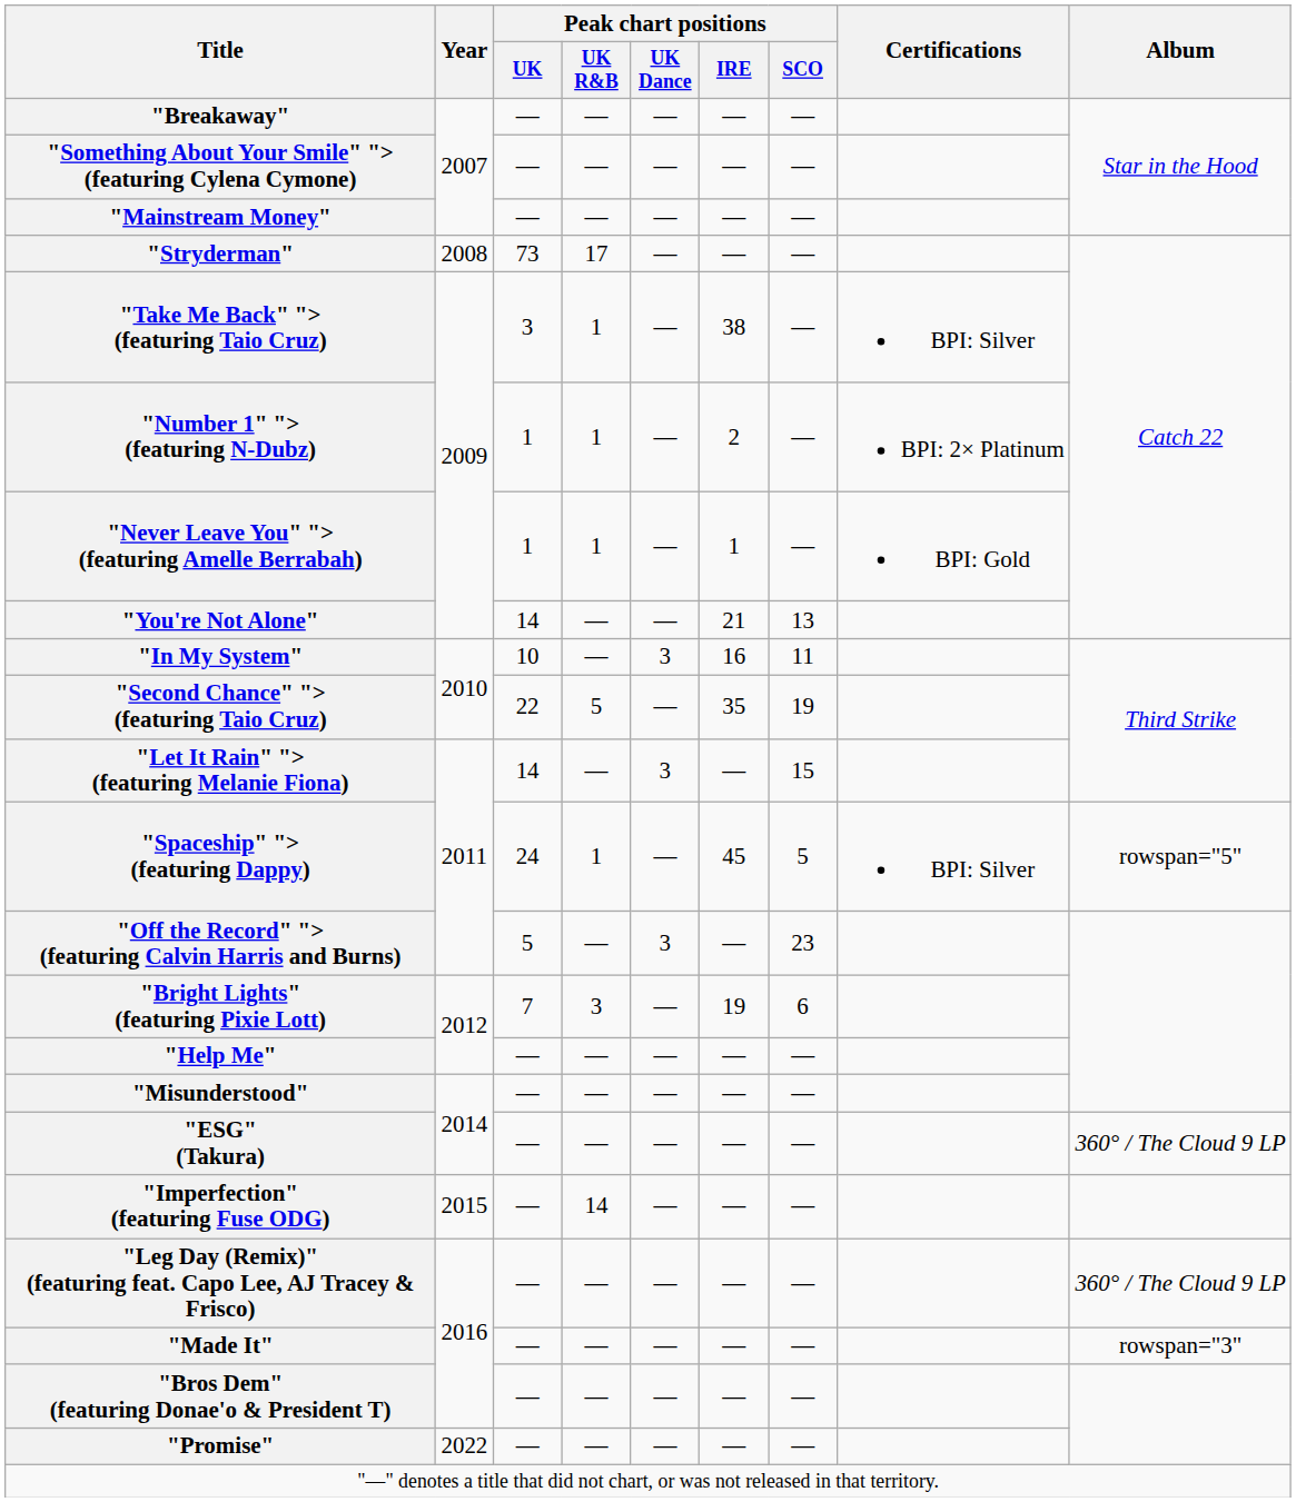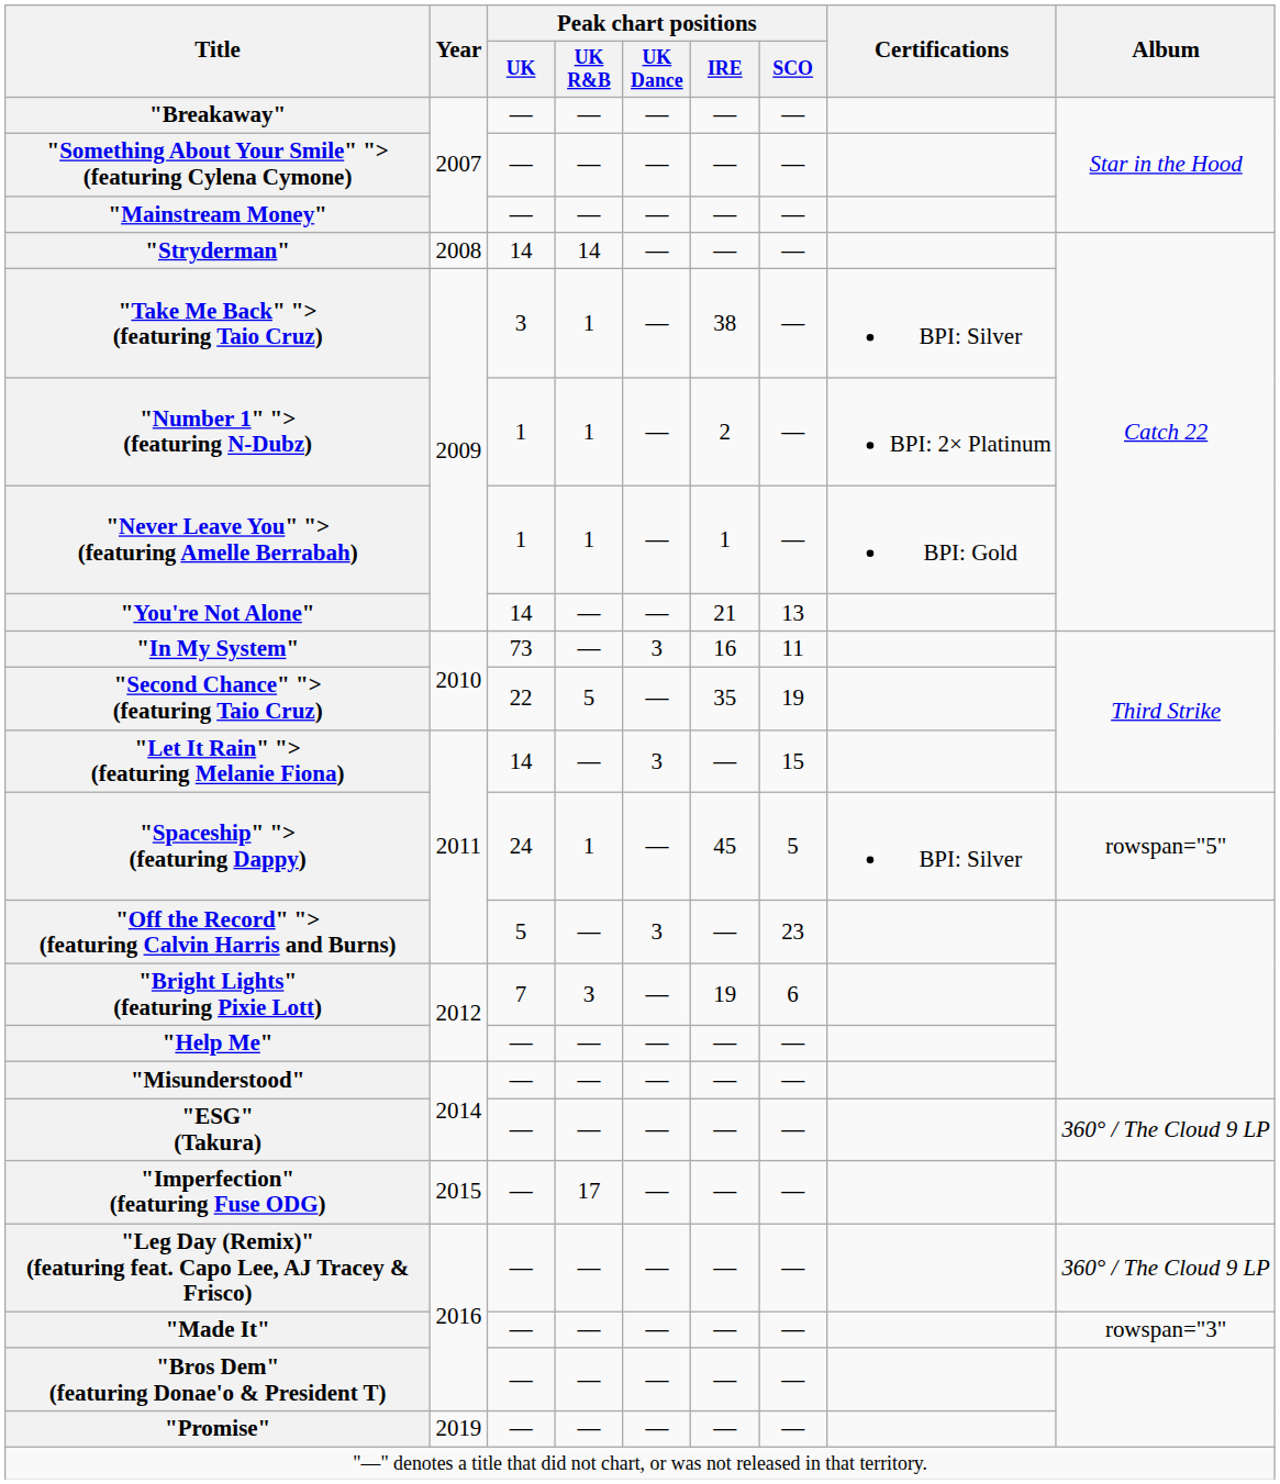 <table class="wikitable plainrowheaders" style="text-align:center;" border="1">
 <tr>
 <th scope="col" rowspan="2" style="width:18em;">Title</th>
 <th scope="col" rowspan="2" style="width:1em;">Year</th>
 <th scope="col" colspan="5">Peak chart positions</th>
 <th scope="col" rowspan="2">Certifications</th>
 <th scope="col" rowspan="2">Album</th>
 </tr>
 <tr>
 <th scope="col" style="width:3em;font-size:85%;"><a href='#'>UK</a><br></th>
 <th scope="col" style="width:3em;font-size:85%;"><a href='#'>UK R&B</a><br></th>
 <th scope="col" style="width:3em;font-size:85%;"><a href='#'>UK Dance</a><br></th>
 <th scope="col" style="width:3em;font-size:85%;"><a href='#'>IRE</a><br></th>
 <th scope="col" style="width:3em;font-size:85%;"><a href='#'>SCO</a></th>
 </tr>
 <tr>
 <th scope="row">"Breakaway"</th>
 <td rowspan="3">2007</td>
 <td>—</td>
 <td>—</td>
 <td>—</td>
 <td>—</td>
 <td>—</td>
 <td></td>
 <td rowspan="3"><em><a href='#'>Star in the Hood</a></em></td>
 </tr>
 <tr>
 <th scope="row">"<a href='#'>Something About Your Smile</a>" <span>"><br>(featuring Cylena Cymone)</span></th>
 <td>—</td>
 <td>—</td>
 <td>—</td>
 <td>—</td>
 <td>—</td>
 <td></td>
 </tr>
 <tr>
 <th scope="row">"<a href='#'>Mainstream Money</a>"</th>
 <td>—</td>
 <td>—</td>
 <td>—</td>
 <td>—</td>
 <td>—</td>
 <td></td>
 </tr>
 <tr>
 <th scope="row">"<a href='#'>Stryderman</a>"</th>
 <td>2008</td>
-<td>73</td>
-<td>17</td>
+<td>14</td>
+<td>14</td>
 <td>—</td>
 <td>—</td>
 <td>—</td>
 <td></td>
 <td rowspan="5"><em><a href='#'>Catch 22</a></em></td>
 </tr>
 <tr>
 <th scope="row">"<a href='#'>Take Me Back</a>" <span>"><br>(featuring <a href='#'>Taio Cruz</a>)</span></th>
 <td rowspan="4">2009</td>
 <td>3</td>
 <td>1</td>
 <td>—</td>
 <td>38</td>
 <td>—</td>
 <td><br><ul><li>BPI: Silver</li></ul></td>
 </tr>
 <tr>
 <th scope="row">"<a href='#'>Number 1</a>" <span>"><br>(featuring <a href='#'>N-Dubz</a>)</span></th>
 <td>1</td>
 <td>1</td>
 <td>—</td>
 <td>2</td>
 <td>—</td>
 <td><br><ul><li>BPI: 2× Platinum</li></ul></td>
 </tr>
 <tr>
 <th scope="row">"<a href='#'>Never Leave You</a>" <span>"><br>(featuring <a href='#'>Amelle Berrabah</a>)</span></th>
 <td>1</td>
 <td>1</td>
 <td>—</td>
 <td>1</td>
 <td>—</td>
 <td><br><ul><li>BPI: Gold</li></ul></td>
 </tr>
 <tr>
 <th scope="row">"<a href='#'>You're Not Alone</a>"</th>
 <td>14</td>
 <td>—</td>
 <td>—</td>
 <td>21</td>
 <td>13</td>
 <td></td>
 </tr>
 <tr>
 <th scope="row">"<a href='#'>In My System</a>"</th>
 <td rowspan="2">2010</td>
-<td>10</td>
+<td>73</td>
 <td>—</td>
 <td>3</td>
 <td>16</td>
 <td>11</td>
 <td></td>
 <td rowspan="3"><em><a href='#'>Third Strike</a></em></td>
 </tr>
 <tr>
 <th scope="row">"<a href='#'>Second Chance</a>" <span>"><br>(featuring <a href='#'>Taio Cruz</a>)</span></th>
 <td>22</td>
 <td>5</td>
 <td>—</td>
 <td>35</td>
 <td>19</td>
 <td></td>
 </tr>
 <tr>
 <th scope="row">"<a href='#'>Let It Rain</a>" <span>"><br>(featuring <a href='#'>Melanie Fiona</a>)</span></th>
 <td rowspan="3">2011</td>
 <td>14</td>
 <td>—</td>
 <td>3</td>
 <td>—</td>
 <td>15</td>
 <td></td>
 </tr>
 <tr>
 <th scope="row">"<a href='#'>Spaceship</a>" <span>"><br>(featuring <a href='#'>Dappy</a>)</span></th>
 <td>24</td>
 <td>1</td>
 <td>—</td>
 <td>45</td>
 <td>5</td>
 <td><br><ul><li>BPI: Silver</li></ul></td>
 <td>rowspan="5" </td>
 </tr>
 <tr>
 <th scope="row">"<a href='#'>Off the Record</a>" <span>"><br>(featuring <a href='#'>Calvin Harris</a> and Burns)</span></th>
 <td>5</td>
 <td>—</td>
 <td>3</td>
 <td>—</td>
 <td>23</td>
 <td></td>
 </tr>
 <tr>
 <th scope="row">"<a href='#'>Bright Lights</a>"<br><span>(featuring <a href='#'>Pixie Lott</a>)</span></th>
 <td rowspan="2">2012</td>
 <td>7</td>
 <td>3</td>
 <td>—</td>
 <td>19</td>
 <td>6</td>
 <td></td>
 </tr>
 <tr>
 <th scope="row">"<a href='#'>Help Me</a>"</th>
 <td>—</td>
 <td>—</td>
 <td>—</td>
 <td>—</td>
 <td>—</td>
 <td></td>
 </tr>
 <tr>
 <th scope="row">"Misunderstood"</th>
 <td rowspan="2">2014</td>
 <td>—</td>
 <td>—</td>
 <td>—</td>
 <td>—</td>
 <td>—</td>
 <td></td>
 </tr>
 <tr>
 <th scope="row">"ESG"<br><span>(Takura)</span></th>
 <td>—</td>
 <td>—</td>
 <td>—</td>
 <td>—</td>
 <td>—</td>
 <td></td>
 <td><em>360° / The Cloud 9 LP</em></td>
 </tr>
 <tr>
 <th scope="row">"Imperfection"<br><span>(featuring <a href='#'>Fuse ODG</a>)</span></th>
 <td>2015</td>
 <td>—</td>
-<td>14</td>
+<td>17</td>
 <td>—</td>
 <td>—</td>
 <td>—</td>
 <td></td>
 <td></td>
 </tr>
 <tr>
 <th scope="row">"Leg Day (Remix)"<br><span>(featuring feat. Capo Lee, AJ Tracey & Frisco)</span></th>
 <td rowspan="3">2016</td>
 <td>—</td>
 <td>—</td>
 <td>—</td>
 <td>—</td>
 <td>—</td>
 <td></td>
 <td><em>360° / The Cloud 9 LP</em></td>
 </tr>
 <tr>
 <th scope="row">"Made It"</th>
 <td>—</td>
 <td>—</td>
 <td>—</td>
 <td>—</td>
 <td>—</td>
 <td></td>
 <td>rowspan="3" </td>
 </tr>
 <tr>
 <th scope="row">"Bros Dem"<br><span>(featuring Donae'o & President T)</span></th>
 <td>—</td>
 <td>—</td>
 <td>—</td>
 <td>—</td>
 <td>—</td>
 <td></td>
 </tr>
 <tr>
 <th scope="row">"Promise"</th>
-<td>2022</td>
+<td>2019</td>
 <td>—</td>
 <td>—</td>
 <td>—</td>
 <td>—</td>
 <td>—</td>
 <td></td>
 </tr>
 <tr>
 <td colspan="15" style="font-size:85%">"—" denotes a title that did not chart, or was not released in that territory.</td>
 </tr>
 </table>
